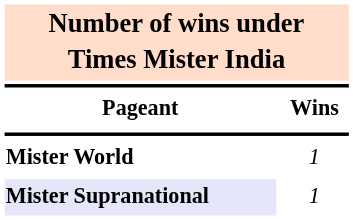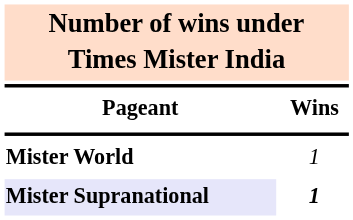 <table class="toccolours" style="width: 20em; float:right; margin-left:1em; font-size:80%; line-height:1.5em; width:23%;">
 <tr>
 <th colspan="2" align="center" style="background:#FFDDCA;"><big>Number of wins under<br>Times Mister India</big></th>
 </tr>
 <tr>
 <td colspan="2" style="background:black"></td>
 </tr>
 <tr>
 <th scope="col">Pageant</th>
 <th scope="col">Wins</th>
 </tr>
 <tr>
 <td colspan="2" style="background:black"></td>
 </tr>
 <tr>
 <td align="left"><strong>Mister World</strong></td>
 <td align="center"><em>1</em></td>
 </tr>
 <tr>
 <td align="left" style="background: lavender;"><strong>Mister Supranational</strong></td>
-<td align="center"><em>1</em></td>
+<td align="center"><strong><em>1</em></strong></td>
 </tr>
 <tr>
 </tr>
 </table>
